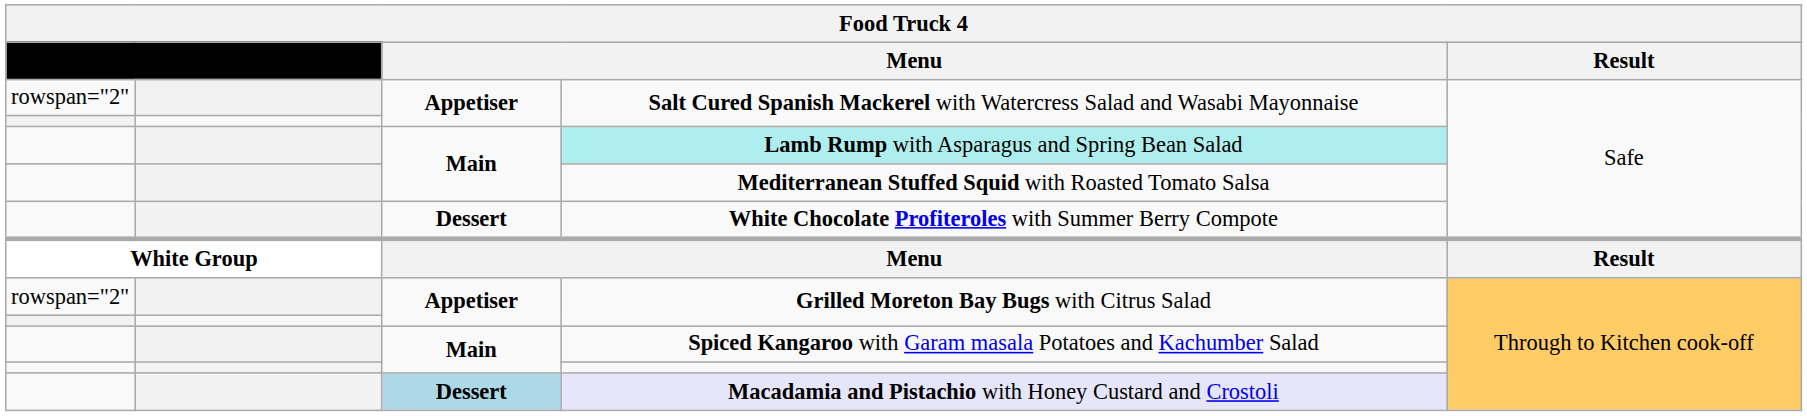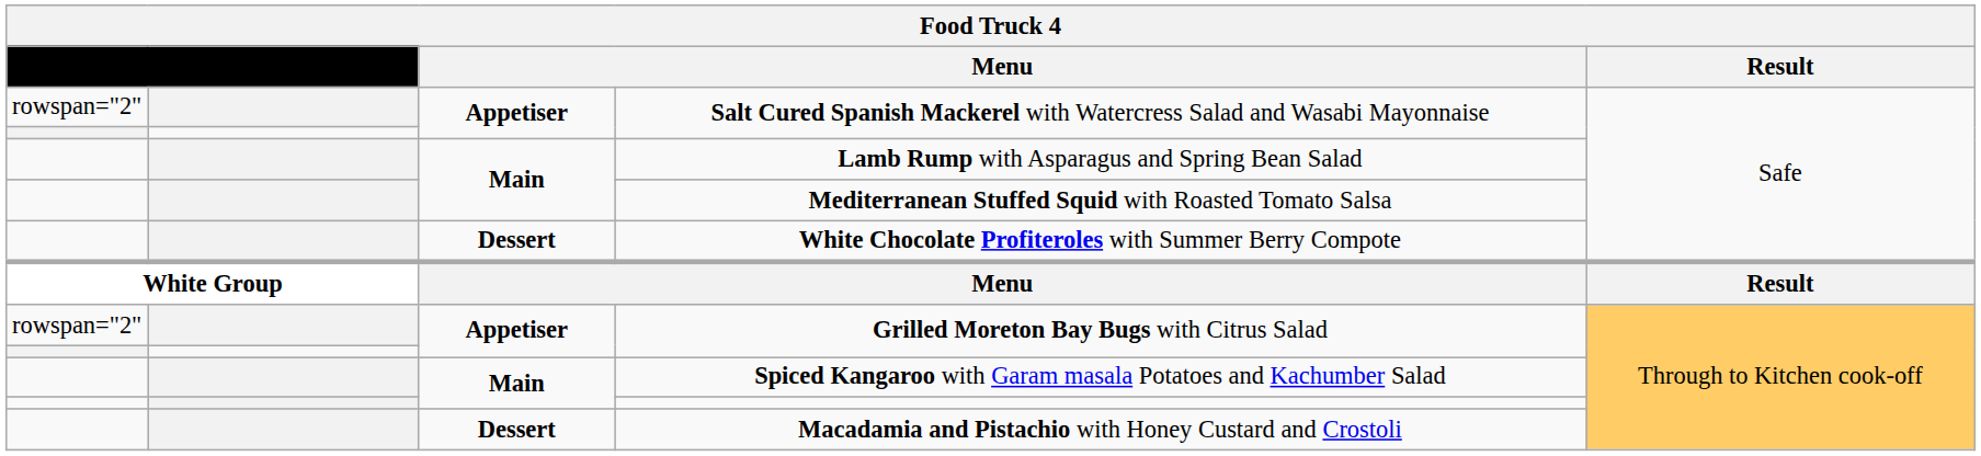 <table class="wikitable plainrowheaders" style="margin:1em auto; text-align:center; font-size:90%; width:80em;">
 <tr>
 <th colspan="5" >Food Truck 4</th>
 </tr>
 <tr>
 <th style="width:20%; background:black" colspan="2"></th>
 <th style="width:60%;" colspan="2">Menu</th>
 <th style="width:20%;">Result</th>
 </tr>
 <tr>
 <td>rowspan="2" </td>
 <th></th>
 <td rowspan="2"><strong>Appetiser</strong></td>
 <td rowspan="2"><strong>Salt Cured Spanish Mackerel</strong> with Watercress Salad and Wasabi Mayonnaise</td>
 <td rowspan="5">Safe</td>
 </tr>
 <tr>
 <th></th>
 </tr>
 <tr>
 <td></td>
 <th></th>
 <td rowspan="2"><strong>Main</strong></td>
-<td style="background: paleturquoise;"><strong>Lamb Rump</strong> with Asparagus and Spring Bean Salad</td>
+<td><strong>Lamb Rump</strong> with Asparagus and Spring Bean Salad</td>
 </tr>
 <tr>
 <td></td>
 <th></th>
 <td><strong>Mediterranean Stuffed Squid</strong> with Roasted Tomato Salsa</td>
 </tr>
 <tr>
 <td></td>
 <th></th>
 <td><strong>Dessert</strong></td>
 <td><strong>White Chocolate <a href='#'>Profiteroles</a></strong> with Summer Berry Compote</td>
 </tr>
 <tr style="border-top:3px solid #aaa;">
 <th style="width:20%; background:white" colspan="2">White Group</th>
 <th style="width:60%;" colspan="2">Menu</th>
 <th style="width:20%;">Result</th>
 </tr>
 <tr>
 <td>rowspan="2" </td>
 <th style="width:14%;"></th>
 <td style="width:10%;" rowspan="2"><strong>Appetiser</strong></td>
 <td rowspan="2"><strong>Grilled Moreton Bay Bugs</strong> with Citrus Salad</td>
 <td rowspan="5" style="background:#fc6;">Through to Kitchen cook-off</td>
 </tr>
 <tr>
 <th></th>
 </tr>
 <tr>
 <td></td>
 <th></th>
 <td rowspan="2"><strong>Main</strong></td>
 <td><strong>Spiced Kangaroo</strong> with <a href='#'>Garam masala</a> Potatoes and <a href='#'>Kachumber</a> Salad</td>
 </tr>
 <tr>
 <td></td>
 <th></th>
 <td></td>
 </tr>
 <tr>
 <td></td>
 <th></th>
-<td style="background: lightblue;"><strong>Dessert</strong></td>
-<td style="background: lavender;"><strong>Macadamia and Pistachio</strong> with Honey Custard and <a href='#'>Crostoli</a></td>
+<td><strong>Dessert</strong></td>
+<td><strong>Macadamia and Pistachio</strong> with Honey Custard and <a href='#'>Crostoli</a></td>
 </tr>
 </table>
